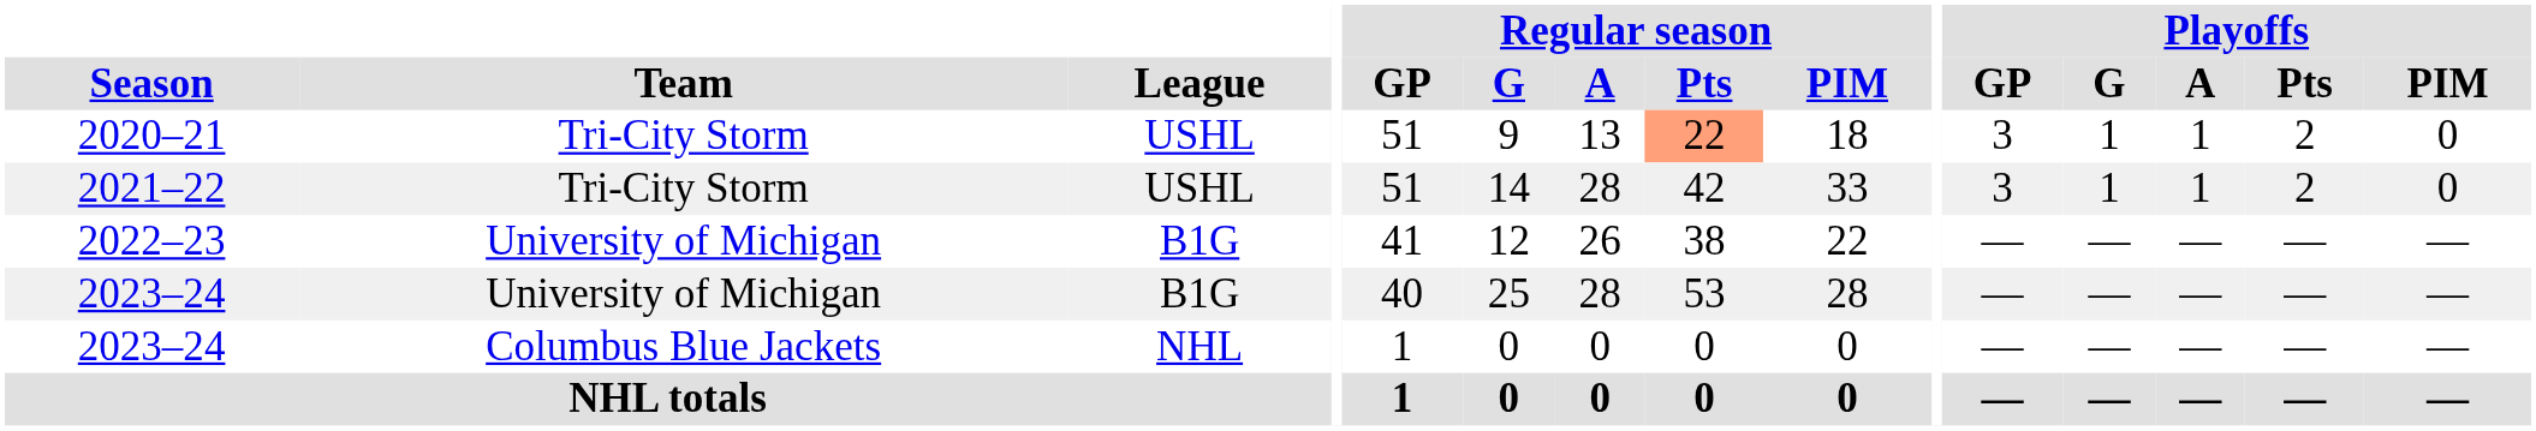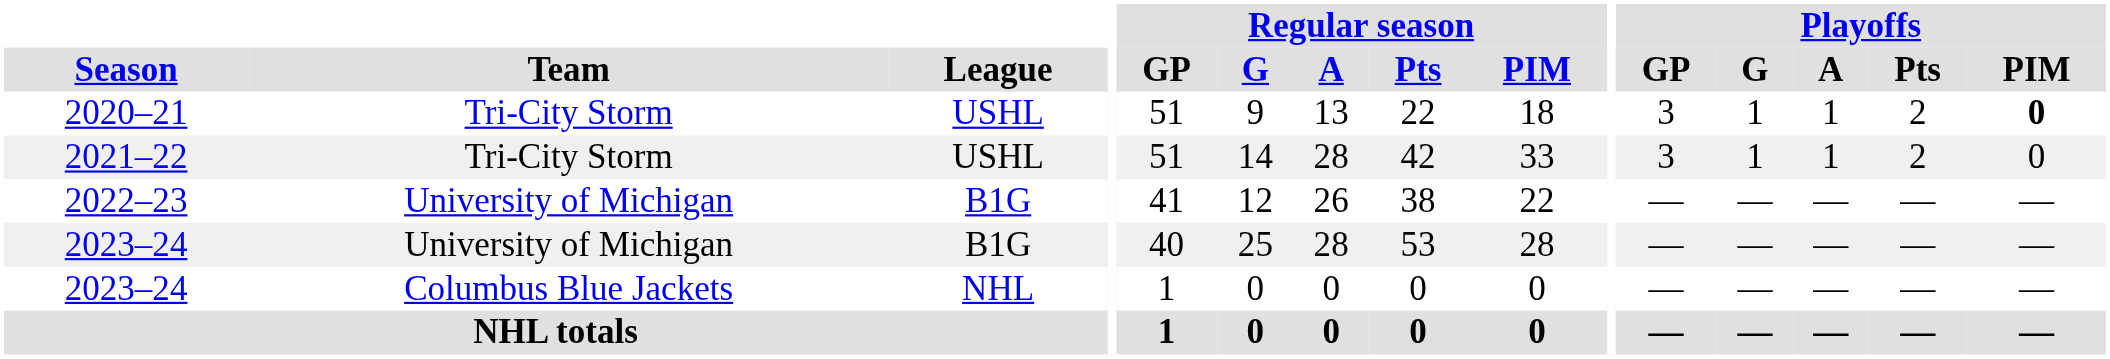 <table border="0" cellpadding="1" cellspacing="0" style="text-align:center; width:60em">
 <tr bgcolor="#e0e0e0">
 <th colspan="3" bgcolor="#ffffff"></th>
 <th rowspan="101" bgcolor="#ffffff"></th>
 <th colspan="5"><a href='#'>Regular season</a></th>
 <th rowspan="101" bgcolor="#ffffff"></th>
 <th colspan="5"><a href='#'>Playoffs</a></th>
 </tr>
 <tr bgcolor="#e0e0e0">
 <th><a href='#'>Season</a></th>
 <th>Team</th>
 <th>League</th>
 <th>GP</th>
 <th><a href='#'>G</a></th>
 <th><a href='#'>A</a></th>
 <th><a href='#'>Pts</a></th>
 <th><a href='#'>PIM</a></th>
 <th>GP</th>
 <th>G</th>
 <th>A</th>
 <th>Pts</th>
 <th>PIM</th>
 </tr>
 <tr>
 <td><a href='#'>2020–21</a></td>
 <td><a href='#'>Tri-City Storm</a></td>
 <td><a href='#'>USHL</a></td>
 <td>51</td>
 <td>9</td>
 <td>13</td>
-<td style="background: lightsalmon;">22</td>
+<td>22</td>
 <td>18</td>
 <td>3</td>
 <td>1</td>
 <td>1</td>
 <td>2</td>
-<td>0</td>
+<td><strong>0</strong></td>
 </tr>
 <tr bgcolor="#f0f0f0">
 <td><a href='#'>2021–22</a></td>
 <td>Tri-City Storm</td>
 <td>USHL</td>
 <td>51</td>
 <td>14</td>
 <td>28</td>
 <td>42</td>
 <td>33</td>
 <td>3</td>
 <td>1</td>
 <td>1</td>
 <td>2</td>
 <td>0</td>
 </tr>
 <tr>
 <td><a href='#'>2022–23</a></td>
 <td><a href='#'>University of Michigan</a></td>
 <td><a href='#'>B1G</a></td>
 <td>41</td>
 <td>12</td>
 <td>26</td>
 <td>38</td>
 <td>22</td>
 <td>—</td>
 <td>—</td>
 <td>—</td>
 <td>—</td>
 <td>—</td>
 </tr>
 <tr bgcolor="#f0f0f0">
 <td><a href='#'>2023–24</a></td>
 <td>University of Michigan</td>
 <td>B1G</td>
 <td>40</td>
 <td>25</td>
 <td>28</td>
 <td>53</td>
 <td>28</td>
 <td>—</td>
 <td>—</td>
 <td>—</td>
 <td>—</td>
 <td>—</td>
 </tr>
 <tr>
 <td><a href='#'>2023–24</a></td>
 <td><a href='#'>Columbus Blue Jackets</a></td>
 <td><a href='#'>NHL</a></td>
 <td>1</td>
 <td>0</td>
 <td>0</td>
 <td>0</td>
 <td>0</td>
 <td>—</td>
 <td>—</td>
 <td>—</td>
 <td>—</td>
 <td>—</td>
 </tr>
 <tr bgcolor="#e0e0e0">
 <th colspan="3">NHL totals</th>
 <th>1</th>
 <th>0</th>
 <th>0</th>
 <th>0</th>
 <th>0</th>
 <th>—</th>
 <th>—</th>
 <th>—</th>
 <th>—</th>
 <th>—</th>
 </tr>
 </table>
